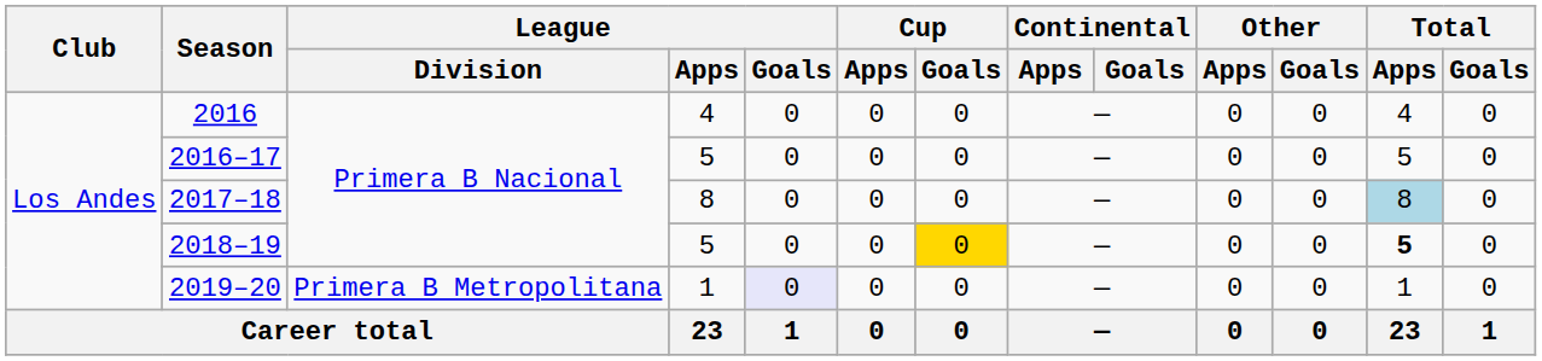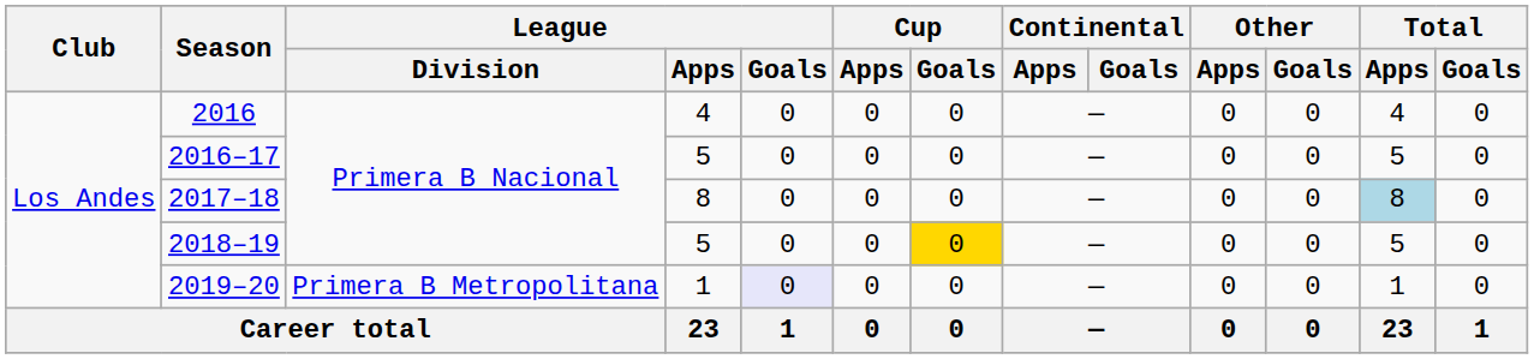 <table class="wikitable" style="text-align:center">
 <tr>
 <th rowspan="2">Club</th>
 <th rowspan="2">Season</th>
 <th colspan="3">League</th>
 <th colspan="2">Cup</th>
 <th colspan="2">Continental</th>
 <th colspan="2">Other</th>
 <th colspan="2">Total</th>
 </tr>
 <tr>
 <th>Division</th>
 <th>Apps</th>
 <th>Goals</th>
 <th>Apps</th>
 <th>Goals</th>
 <th>Apps</th>
 <th>Goals</th>
 <th>Apps</th>
 <th>Goals</th>
 <th>Apps</th>
 <th>Goals</th>
 </tr>
 <tr>
 <td rowspan="5"><a href='#'>Los Andes</a></td>
 <td><a href='#'>2016</a></td>
 <td rowspan="4"><a href='#'>Primera B Nacional</a></td>
 <td>4</td>
 <td>0</td>
 <td>0</td>
 <td>0</td>
 <td colspan="2">—</td>
 <td>0</td>
 <td>0</td>
 <td>4</td>
 <td>0</td>
 </tr>
 <tr>
 <td><a href='#'>2016–17</a></td>
 <td>5</td>
 <td>0</td>
 <td>0</td>
 <td>0</td>
 <td colspan="2">—</td>
 <td>0</td>
 <td>0</td>
 <td>5</td>
 <td>0</td>
 </tr>
 <tr>
 <td><a href='#'>2017–18</a></td>
 <td>8</td>
 <td>0</td>
 <td>0</td>
 <td>0</td>
 <td colspan="2">—</td>
 <td>0</td>
 <td>0</td>
 <td style="background: lightblue;">8</td>
 <td>0</td>
 </tr>
 <tr>
 <td><a href='#'>2018–19</a></td>
 <td>5</td>
 <td>0</td>
 <td>0</td>
 <td style="background: gold;">0</td>
 <td colspan="2">—</td>
 <td>0</td>
 <td>0</td>
-<td><strong>5</strong></td>
+<td>5</td>
 <td>0</td>
 </tr>
 <tr>
 <td><a href='#'>2019–20</a></td>
 <td rowspan="1"><a href='#'>Primera B Metropolitana</a></td>
 <td>1</td>
 <td style="background: lavender;">0</td>
 <td>0</td>
 <td>0</td>
 <td colspan="2">—</td>
 <td>0</td>
 <td>0</td>
 <td>1</td>
 <td>0</td>
 </tr>
 <tr>
 <th colspan="3">Career total</th>
 <th>23</th>
 <th>1</th>
 <th>0</th>
 <th>0</th>
 <th colspan="2">—</th>
 <th>0</th>
 <th>0</th>
 <th>23</th>
 <th>1</th>
 </tr>
 </table>
